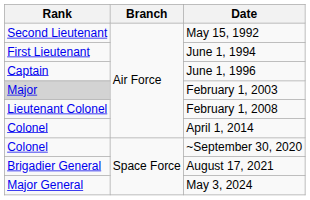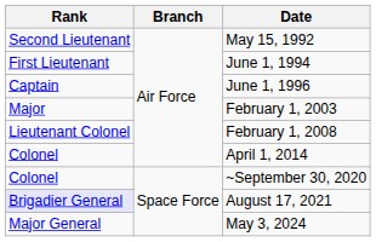 <table class="wikitable">
 <tr>
 <th>Rank</th>
 <th>Branch</th>
 <th>Date</th>
 </tr>
 <tr>
 <td> <a href='#'>Second Lieutenant</a></td>
 <td rowspan=6>Air Force</td>
 <td>May 15, 1992</td>
 </tr>
 <tr>
 <td> <a href='#'>First Lieutenant</a></td>
 <td>June 1, 1994</td>
 </tr>
 <tr>
 <td> <a href='#'>Captain</a></td>
 <td>June 1, 1996</td>
 </tr>
 <tr>
-<td style="background: lightgrey;"> <a href='#'>Major</a></td>
+<td> <a href='#'>Major</a></td>
 <td>February 1, 2003</td>
 </tr>
 <tr>
 <td> <a href='#'>Lieutenant Colonel</a></td>
 <td>February 1, 2008</td>
 </tr>
 <tr>
 <td> <a href='#'>Colonel</a></td>
 <td>April 1, 2014</td>
 </tr>
 <tr>
 <td> <a href='#'>Colonel</a></td>
 <td rowspan=3>Space Force</td>
 <td>~September 30, 2020</td>
 </tr>
 <tr>
-<td> <a href='#'>Brigadier General</a></td>
+<td style="background: lavender;"> <a href='#'>Brigadier General</a></td>
 <td>August 17, 2021</td>
 </tr>
 <tr>
 <td> <a href='#'>Major General</a></td>
 <td>May 3, 2024</td>
 </tr>
 </table>
